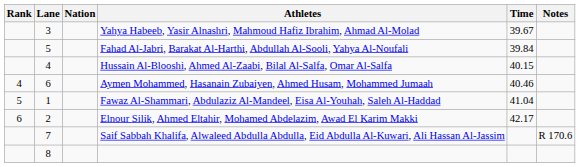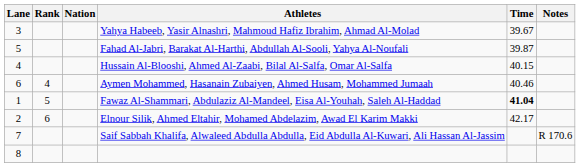 <table class="wikitable sortable" style="text-align:center;font-size:95%">
 <tr>
+<th>Lane</th>
 <th>Rank</th>
-<th>Lane</th>
 <th>Nation</th>
 <th>Athletes</th>
 <th>Time</th>
 <th>Notes</th>
 </tr>
 <tr>
+<td>3</td>
 <td></td>
-<td>3</td>
 <td align=left></td>
 <td align=left><a href='#'>Yahya Habeeb</a>, <a href='#'>Yasir Alnashri</a>, <a href='#'>Mahmoud Hafiz Ibrahim</a>, <a href='#'>Ahmad Al-Molad</a></td>
 <td>39.67</td>
 <td></td>
 </tr>
 <tr>
+<td>5</td>
 <td></td>
-<td>5</td>
 <td align=left></td>
 <td align=left><a href='#'>Fahad Al-Jabri</a>, <a href='#'>Barakat Al-Harthi</a>, <a href='#'>Abdullah Al-Sooli</a>, <a href='#'>Yahya Al-Noufali</a></td>
-<td>39.84</td>
+<td>39.87</td>
 <td></td>
 </tr>
 <tr>
+<td>4</td>
 <td></td>
-<td>4</td>
 <td align=left></td>
 <td align=left><a href='#'>Hussain Al-Blooshi</a>, <a href='#'>Ahmed Al-Zaabi</a>, <a href='#'>Bilal Al-Salfa</a>, <a href='#'>Omar Al-Salfa</a></td>
 <td>40.15</td>
 <td></td>
 </tr>
 <tr>
+<td>6</td>
 <td>4</td>
-<td>6</td>
 <td align=left></td>
 <td align=left><a href='#'>Aymen Mohammed</a>, <a href='#'>Hasanain Zubaiyen</a>, <a href='#'>Ahmed Husam</a>, <a href='#'>Mohammed Jumaah</a></td>
 <td>40.46</td>
 <td></td>
 </tr>
 <tr>
+<td>1</td>
 <td>5</td>
-<td>1</td>
 <td align=left></td>
 <td align=left><a href='#'>Fawaz Al-Shammari</a>, <a href='#'>Abdulaziz Al-Mandeel</a>, <a href='#'>Eisa Al-Youhah</a>, <a href='#'>Saleh Al-Haddad</a></td>
-<td>41.04</td>
+<td><strong>41.04</strong></td>
 <td></td>
 </tr>
 <tr>
+<td>2</td>
 <td>6</td>
-<td>2</td>
 <td align=left></td>
 <td align=left><a href='#'>Elnour Silik</a>, <a href='#'>Ahmed Eltahir</a>, <a href='#'>Mohamed Abdelazim</a>, <a href='#'>Awad El Karim Makki</a></td>
 <td>42.17</td>
 <td></td>
 </tr>
 <tr>
+<td>7</td>
 <td></td>
-<td>7</td>
 <td align=left></td>
 <td align=left><a href='#'>Saif Sabbah Khalifa</a>, <a href='#'>Alwaleed Abdulla Abdulla</a>, <a href='#'>Eid Abdulla Al-Kuwari</a>, <a href='#'>Ali Hassan Al-Jassim</a></td>
 <td></td>
 <td>R 170.6</td>
 </tr>
 <tr>
+<td>8</td>
 <td></td>
-<td>8</td>
 <td align=left></td>
 <td align=left></td>
 <td></td>
 <td></td>
 </tr>
 </table>
